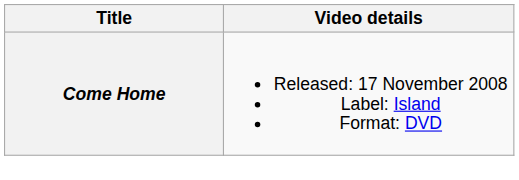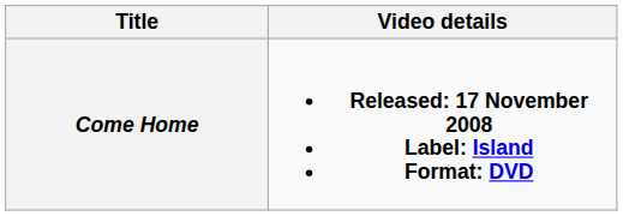 <table class="wikitable plainrowheaders" style="text-align:center;" border="1">
 <tr>
 <th scope="col" style="width:12em;">Title</th>
 <th scope="col" style="width:16em;">Video details</th>
 </tr>
 <tr>
 <th scope="row"><em>Come Home</em></th>
-<td><br><ul><li>Released: 17 November 2008</li><li>Label: <a href='#'>Island</a></li><li>Format: <a href='#'>DVD</a></li></ul></td>
+<td><strong><br><ul><li>Released: 17 November 2008</li><li>Label: <a href='#'>Island</a></li><li>Format: <a href='#'>DVD</a></li></ul></strong></td>
 </tr>
 </table>
